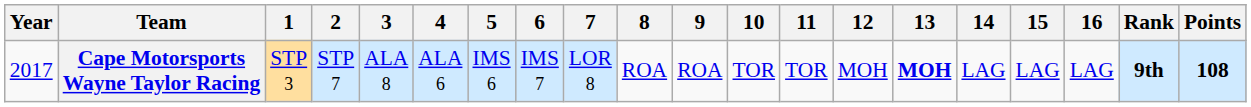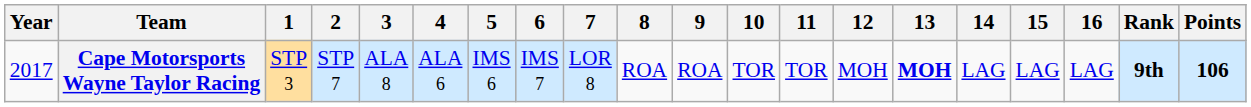 <table class="wikitable" style="text-align:center; font-size:90%">
 <tr>
 <th>Year</th>
 <th>Team</th>
 <th>1</th>
 <th>2</th>
 <th>3</th>
 <th>4</th>
 <th>5</th>
 <th>6</th>
 <th>7</th>
 <th>8</th>
 <th>9</th>
 <th>10</th>
 <th>11</th>
 <th>12</th>
 <th>13</th>
 <th>14</th>
 <th>15</th>
 <th>16</th>
 <th>Rank</th>
 <th>Points</th>
 </tr>
 <tr>
 <td><a href='#'>2017</a></td>
 <th><a href='#'>Cape Motorsports</a> <br> <a href='#'>Wayne Taylor Racing</a></th>
 <td style="background:#FFDF9F;"><a href='#'>STP</a><br><small>3</small></td>
 <td style="background:#CFEAFF;"><a href='#'>STP</a><br><small>7</small></td>
 <td style="background:#CFEAFF;"><a href='#'>ALA</a><br><small>8</small></td>
 <td style="background:#CFEAFF;"><a href='#'>ALA</a><br><small>6</small></td>
 <td style="background:#CFEAFF;"><a href='#'>IMS</a><br><small>6</small></td>
 <td style="background:#CFEAFF;"><a href='#'>IMS</a><br><small>7</small></td>
 <td style="background:#CFEAFF;"><a href='#'>LOR</a><br><small>8</small></td>
 <td style="background:"><a href='#'>ROA</a><br><small> </small></td>
 <td style="background:"><a href='#'>ROA</a><br><small> </small></td>
 <td style="background:"><a href='#'>TOR</a><br><small> </small></td>
 <td style="background:"><a href='#'>TOR</a><br><small> </small></td>
 <td style="background:"><a href='#'>MOH</a><br><small> </small></td>
 <td style="background:"><strong><a href='#'>MOH</a><br><small> </small></strong></td>
 <td style="background:"><a href='#'>LAG</a><br><small> </small></td>
 <td style="background:"><a href='#'>LAG</a><br><small> </small></td>
 <td style="background:"><a href='#'>LAG</a><br><small> </small></td>
 <td style="background:#CFEAFF;"><strong>9th</strong></td>
-<td style="background:#CFEAFF;"><strong>108</strong></td>
+<td style="background:#CFEAFF;"><strong>106</strong></td>
 </tr>
 </table>
